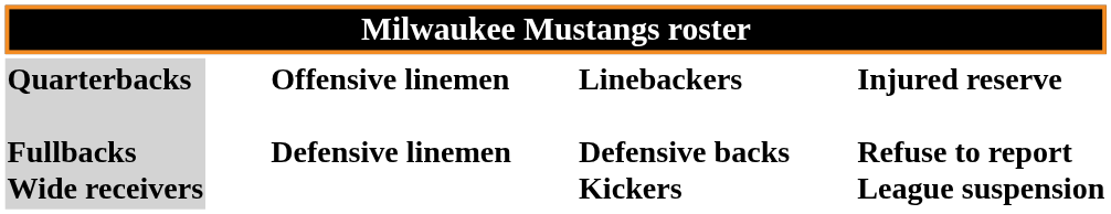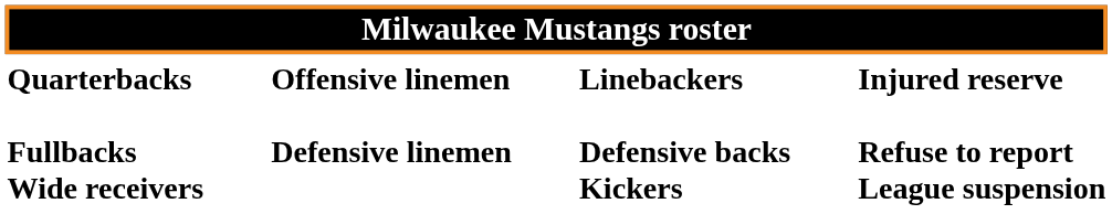 <table class="toccolours" style="text-align: left;">
 <tr>
 <th colspan="8" style="text-align:center; color:white; background-color:black; border: 2px solid #F38C23;">Milwaukee Mustangs roster</th>
 </tr>
 <tr>
-<td style="background: lightgrey; font-size: 95%;vertical-align:top;"><strong>Quarterbacks</strong><br> <br><strong>Fullbacks</strong> <br><strong>Wide receivers</strong>     </td>
+<td style="font-size: 95%;vertical-align:top;"><strong>Quarterbacks</strong><br> <br><strong>Fullbacks</strong> <br><strong>Wide receivers</strong>     </td>
 <td style="width: 25px;"></td>
 <td style="font-size: 95%;vertical-align:top;"><strong>Offensive linemen</strong><br>   <br><strong>Defensive linemen</strong>     </td>
 <td style="width: 25px;"></td>
 <td style="font-size: 95%;vertical-align:top;"><strong>Linebackers</strong><br> <br><strong>Defensive backs</strong>    <br><strong>Kickers</strong> </td>
 <td style="width: 25px;"></td>
 <td style="font-size: 95%;vertical-align:top;"><strong>Injured reserve</strong><br>       <br><strong>Refuse to report</strong> <br><strong>League suspension</strong>       </td>
 </tr>
 <tr>
 </tr>
 </table>
